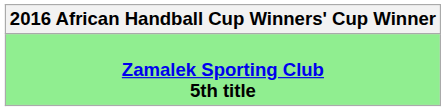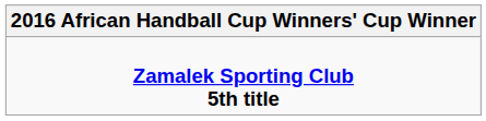 <table class=wikitable style="text-align:center; margin:auto">
 <tr>
 <th>2016 African Handball Cup Winners' Cup Winner</th>
 </tr>
 <tr>
-<td style="background: lightgreen;"><br><strong><a href='#'>Zamalek Sporting Club</a></strong><br><strong>5th title</strong></td>
+<td><br><strong><a href='#'>Zamalek Sporting Club</a></strong><br><strong>5th title</strong></td>
 </tr>
 </table>
